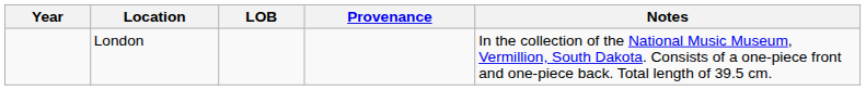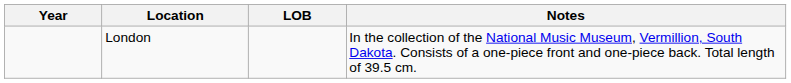 <table class="sortable wikitable" style="margins:auto; width=95%; font-size: 95%;">
 <tr>
 <th width="10%">Year</th>
 <th width="15%">Location</th>
 <th width="10%">LOB</th>
-<th width="20%"><a href='#'>Provenance</a></th>
 <th width="45%">Notes</th>
 </tr>
 <tr valign="top">
 <td align=center></td>
 <td>London</td>
 <td></td>
-<td></td>
 <td>In the collection of the <a href='#'>National Music Museum</a>, <a href='#'>Vermillion, South Dakota</a>. Consists of a one-piece front and one-piece back. Total length of 39.5 cm.</td>
 </tr>
 </table>
